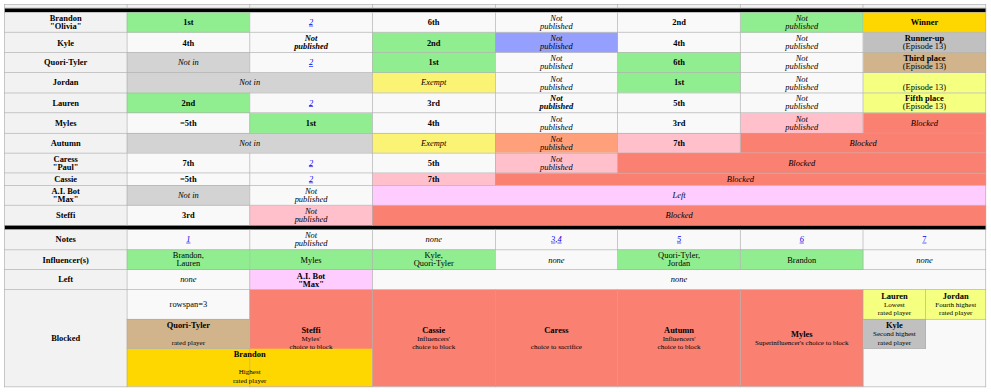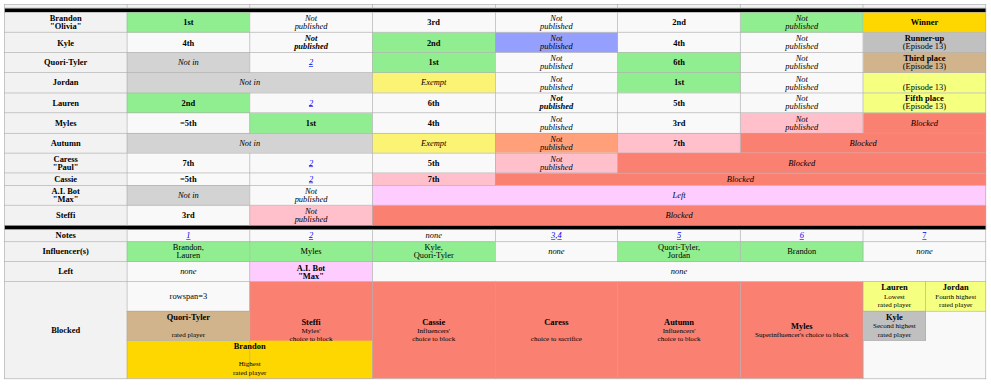 <table class="wikitable" style="text-align:center; line-height:13px; font-size:85%; width:100%;">
 <tr>
 <th style="width:7%;"></th>
 <th style="width:7%;"></th>
 <th style="width:7%;"></th>
 <th style="width:7%;"></th>
 <th style="width:7%;"></th>
 <th style="width:7%;"></th>
 <th style="width:7%;"></th>
 <th style="width:7%;" colspan=2></th>
 </tr>
 <tr>
 <th colspan="9" style="background:#000"></th>
 </tr>
 <tr>
 <th>Brandon<br>"Olivia"</th>
 <td style="background:lightgreen;"><strong>1st</strong></td>
-<td><em><a href='#'>2</a></em></td>
-<td><strong>6th</strong></td>
+<td><em>Not<br>published</em></td>
+<td><strong>3rd</strong></td>
 <td><em>Not<br>published</em></td>
 <td><strong>2nd</strong></td>
 <td style="background:lightgreen;"><em>Not <br>published</em></td>
 <td colspan="2" style="background:gold;"><strong>Winner</strong><br></td>
 </tr>
 <tr>
 <th>Kyle</th>
 <td><strong>4th</strong></td>
 <td><strong><em>Not<br>published</em></strong></td>
 <td style="background:lightgreen;"><strong>2nd</strong></td>
 <td style="background:#959ffd"><em>Not<br>published</em></td>
 <td><strong>4th</strong></td>
 <td><em>Not<br>published</em></td>
 <td colspan="2" style="background:silver;"><strong>Runner-up</strong><br>(Episode 13)</td>
 </tr>
 <tr>
 <th>Quori-Tyler</th>
 <td bgcolor="lightgrey"><em>Not in<br></em></td>
 <td><em><a href='#'>2</a></em></td>
 <td style="background:lightgreen;"><strong>1st</strong></td>
 <td><em>Not<br>published</em></td>
 <td style="background:lightgreen;"><strong>6th</strong></td>
 <td><em>Not<br>published</em></td>
 <td colspan="2" style="background:tan;"><strong>Third place</strong><br>(Episode 13)</td>
 </tr>
 <tr>
 <th>Jordan</th>
 <td colspan="2" bgcolor="lightgrey"><em>Not in<br></em></td>
 <td bgcolor="#fbf373"><em>Exempt</em></td>
 <td><em>Not<br>published</em></td>
 <td style="background:lightgreen;"><strong>1st</strong></td>
 <td><em>Not<br>published</em></td>
 <td colspan="2" style="background:#F5FF80;"><br>(Episode 13)</td>
 </tr>
 <tr>
 <th>Lauren</th>
 <td style="background:lightgreen;"><strong>2nd</strong></td>
 <td><em><a href='#'>2</a></em></td>
-<td><strong>3rd</strong></td>
+<td><strong>6th</strong></td>
 <td><strong><em>Not<br>published</em></strong></td>
 <td><strong>5th</strong></td>
 <td><em>Not<br>published</em></td>
 <td colspan="2" style="background:#F5FF80;"><strong>Fifth place</strong><br>(Episode 13)</td>
 </tr>
 <tr>
 <th>Myles</th>
 <td><strong>=5th</strong></td>
 <td style="background:lightgreen;"><strong>1st</strong></td>
 <td><strong>4th</strong></td>
 <td><em>Not<br>published</em></td>
 <td><strong>3rd</strong></td>
 <td style="background:pink;"><em>Not<br>published</em></td>
 <td colspan="2" style="background:salmon"><em>Blocked</em><br></td>
 </tr>
 <tr>
 <th>Autumn</th>
 <td colspan="2" bgcolor="lightgrey"><em>Not in<br></em></td>
 <td bgcolor="#fbf373"><em>Exempt</em></td>
 <td style="background: lightsalmon;"><em>Not<br>published</em></td>
 <td style="background:pink;"><strong>7th</strong></td>
 <td colspan="3" style="background:salmon"><em>Blocked</em><br></td>
 </tr>
 <tr>
 <th>Caress<br>"Paul"</th>
 <td><strong>7th</strong></td>
 <td><em><a href='#'>2</a></em></td>
 <td><strong>5th</strong></td>
 <td style="background:pink;"><em>Not<br>published</em></td>
 <td colspan="4" style="background:salmon"><em>Blocked</em><br></td>
 </tr>
 <tr>
 <th>Cassie</th>
 <td><strong>=5th</strong></td>
 <td><em><a href='#'>2</a></em></td>
 <td style="background:pink;"><strong>7th</strong></td>
 <td colspan="5" style="background:salmon"><em>Blocked</em><br></td>
 </tr>
 <tr>
 <th>A.I. Bot<br>"Max"</th>
 <td bgcolor="lightgrey"><em>Not in<br></em></td>
 <td><em>Not<br>published</em></td>
 <td colspan="6" style="background:#fcf"><em>Left</em><br></td>
 </tr>
 <tr>
 <th>Steffi</th>
 <td><strong>3rd</strong></td>
 <td style="background:pink;"><em>Not<br>published</em></td>
 <td colspan="6" style="background:salmon"><em>Blocked</em><br></td>
 </tr>
 <tr>
 <td colspan="9" style="background:#000"></td>
 </tr>
 <tr>
 <th>Notes</th>
 <td><em><a href='#'>1</a></em></td>
-<td><em>Not<br>published</em></td>
+<td><em><a href='#'>2</a></em></td>
 <td><em>none</em></td>
 <td><em><a href='#'>3</a></em>,<em><a href='#'>4</a></em></td>
 <td><em><a href='#'>5</a></em></td>
 <td><em><a href='#'>6</a></em></td>
 <td colspan=2><a href='#'>7</a></td>
 </tr>
 <tr>
 <th>Influencer(s)</th>
 <td style="background:lightgreen;">Brandon,<br>Lauren</td>
 <td style="background:lightgreen;">Myles</td>
 <td style="background:lightgreen;">Kyle,<br>Quori-Tyler</td>
 <td><em>none</em></td>
 <td style="background:lightgreen;">Quori-Tyler,<br>Jordan</td>
 <td style="background:lightgreen;">Brandon</td>
 <td colspan=2><em>none</em></td>
 </tr>
 <tr>
 <th>Left</th>
 <td><em>none</em></td>
 <td style="background:#fcf"><strong>A.I. Bot<br>"Max"</strong></td>
 <td colspan="6"><em>none</em></td>
 </tr>
 <tr>
 <th rowspan=3>Blocked</th>
 <td>rowspan=3 </td>
 <td rowspan=3 style="background:salmon"><strong>Steffi</strong><br><small>Myles'<br>choice to block</small></td>
 <td rowspan=3 style="background:salmon"><strong>Cassie</strong><br><small>Influencers'<br>choice to block</small></td>
 <td rowspan=3 style="background:salmon"><strong>Caress</strong><br><small><br>choice to sacrifice</small></td>
 <td rowspan=3 style="background:salmon"><strong>Autumn</strong><br><small>Influencers'<br>choice to block</small></td>
 <td rowspan=3 style="background:salmon"><strong>Myles</strong><br><small>Superinfluencer's choice to block</small></td>
 <td style="background:#F5FF80"><strong>Lauren</strong><br><small>Lowest<br>rated player</small></td>
 <td style="background:#F5FF80"><strong>Jordan</strong><br><small>Fourth highest<br>rated player</small></td>
 </tr>
 <tr>
 <td style="background:tan"><strong>Quori-Tyler</strong><br><small><br>rated player</small></td>
 <td style="background:silver"><strong>Kyle</strong><br><small>Second highest<br>rated player</small></td>
 </tr>
 <tr>
 <td style="background:gold" colspan="2"><strong>Brandon<br><small></small></strong><br><small>Highest<br>rated player</small></td>
 </tr>
 </table>
